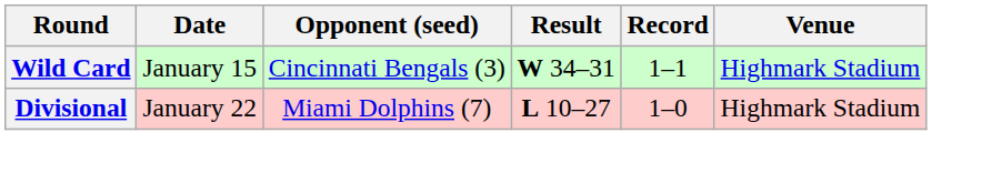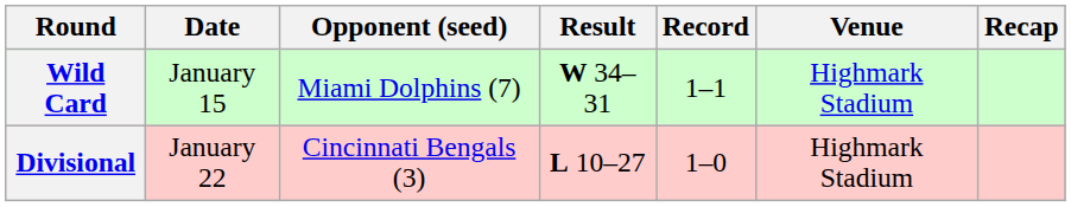 <table class="wikitable" style="text-align:center">
 <tr>
 <th>Round</th>
 <th>Date</th>
 <th>Opponent (seed)</th>
 <th>Result</th>
 <th>Record</th>
 <th>Venue</th>
+<th>Recap</th>
 </tr>
 <tr style="background:#cfc">
 <th><a href='#'>Wild Card</a></th>
 <td>January 15</td>
-<td><a href='#'>Cincinnati Bengals</a> (3)</td>
+<td><a href='#'>Miami Dolphins</a> (7)</td>
 <td><strong>W</strong> 34–31</td>
 <td>1–1</td>
 <td><a href='#'>Highmark Stadium</a></td>
+<td></td>
 </tr>
 <tr style="background:#fcc">
 <th><a href='#'>Divisional</a></th>
 <td>January 22</td>
-<td><a href='#'>Miami Dolphins</a> (7)</td>
+<td><a href='#'>Cincinnati Bengals</a> (3)</td>
 <td><strong>L</strong> 10–27</td>
 <td>1–0</td>
 <td>Highmark Stadium</td>
+<td></td>
 </tr>
 </table>
